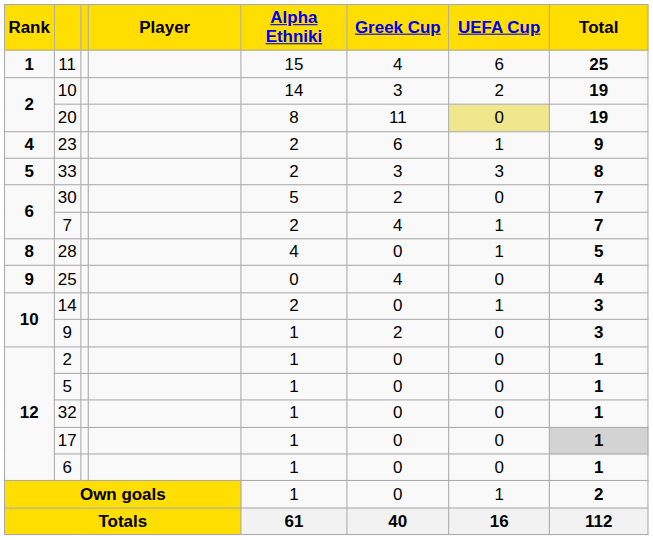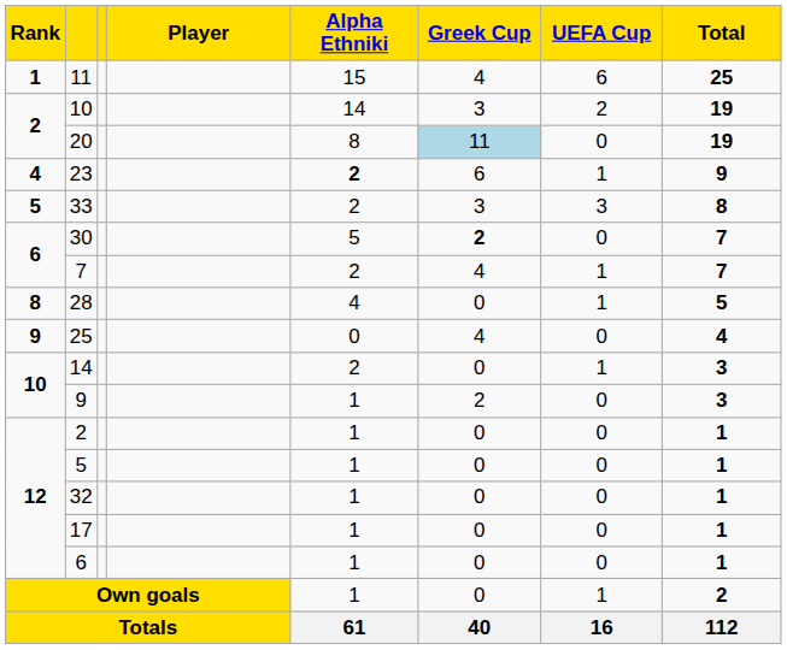 <table class="wikitable sortable" style="text-align: center">
 <tr>
 <th style="background:#FFDE00">Rank</th>
 <th style="background:#FFDE00"></th>
 <th style="background:#FFDE00"></th>
 <th width=200 style="background:#FFDE00">Player</th>
 <th width=120 style="background:#FFDE00"><a href='#'>Alpha Ethniki</a></th>
 <th width=120 style="background:#FFDE00"><a href='#'>Greek Cup</a></th>
 <th width=120 style="background:#FFDE00"><a href='#'>UEFA Cup</a></th>
 <th width=120 style="background:#FFDE00">Total</th>
 </tr>
 <tr>
 <td><strong>1</strong></td>
 <td>11</td>
 <td></td>
 <td align=left></td>
 <td>15</td>
 <td>4</td>
 <td>6</td>
 <td><strong>25</strong></td>
 </tr>
 <tr>
 <td rowspan=2><strong>2</strong></td>
 <td>10</td>
 <td></td>
 <td align=left></td>
 <td>14</td>
 <td>3</td>
 <td>2</td>
 <td><strong>19</strong></td>
 </tr>
 <tr>
 <td>20</td>
 <td></td>
 <td align=left></td>
 <td>8</td>
-<td>11</td>
-<td style="background: khaki;">0</td>
+<td style="background: lightblue;">11</td>
+<td>0</td>
 <td><strong>19</strong></td>
 </tr>
 <tr>
 <td><strong>4</strong></td>
 <td>23</td>
 <td></td>
 <td align=left></td>
-<td>2</td>
+<td><strong>2</strong></td>
 <td>6</td>
 <td>1</td>
 <td><strong>9</strong></td>
 </tr>
 <tr>
 <td><strong>5</strong></td>
 <td>33</td>
 <td></td>
 <td align=left></td>
 <td>2</td>
 <td>3</td>
 <td>3</td>
 <td><strong>8</strong></td>
 </tr>
 <tr>
 <td rowspan=2><strong>6</strong></td>
 <td>30</td>
 <td></td>
 <td align=left></td>
 <td>5</td>
-<td>2</td>
+<td><strong>2</strong></td>
 <td>0</td>
 <td><strong>7</strong></td>
 </tr>
 <tr>
 <td>7</td>
 <td></td>
 <td align=left></td>
 <td>2</td>
 <td>4</td>
 <td>1</td>
 <td><strong>7</strong></td>
 </tr>
 <tr>
 <td><strong>8</strong></td>
 <td>28</td>
 <td></td>
 <td align=left></td>
 <td>4</td>
 <td>0</td>
 <td>1</td>
 <td><strong>5</strong></td>
 </tr>
 <tr>
 <td><strong>9</strong></td>
 <td>25</td>
 <td></td>
 <td align=left></td>
 <td>0</td>
 <td>4</td>
 <td>0</td>
 <td><strong>4</strong></td>
 </tr>
 <tr>
 <td rowspan=2><strong>10</strong></td>
 <td>14</td>
 <td></td>
 <td align=left></td>
 <td>2</td>
 <td>0</td>
 <td>1</td>
 <td><strong>3</strong></td>
 </tr>
 <tr>
 <td>9</td>
 <td></td>
 <td align=left></td>
 <td>1</td>
 <td>2</td>
 <td>0</td>
 <td><strong>3</strong></td>
 </tr>
 <tr>
 <td rowspan=5><strong>12</strong></td>
 <td>2</td>
 <td></td>
 <td align=left></td>
 <td>1</td>
 <td>0</td>
 <td>0</td>
 <td><strong>1</strong></td>
 </tr>
 <tr>
 <td>5</td>
 <td></td>
 <td align=left></td>
 <td>1</td>
 <td>0</td>
 <td>0</td>
 <td><strong>1</strong></td>
 </tr>
 <tr>
 <td>32</td>
 <td></td>
 <td align=left></td>
 <td>1</td>
 <td>0</td>
 <td>0</td>
 <td><strong>1</strong></td>
 </tr>
 <tr>
 <td>17</td>
 <td></td>
 <td align=left></td>
 <td>1</td>
 <td>0</td>
 <td>0</td>
-<td style="background: lightgrey;"><strong>1</strong></td>
+<td><strong>1</strong></td>
 </tr>
 <tr>
 <td>6</td>
 <td></td>
 <td align=left></td>
 <td>1</td>
 <td>0</td>
 <td>0</td>
 <td><strong>1</strong></td>
 </tr>
 <tr class="sortbottom">
 <td colspan=4 style="background:#FFDE00"><strong>Own goals</strong></td>
 <td>1</td>
 <td>0</td>
 <td>1</td>
 <td><strong>2</strong></td>
 </tr>
 <tr class="sortbottom">
 <th colspan=4 style="background:#FFDE00"><strong>Totals</strong></th>
 <th><strong> 61</strong></th>
 <th><strong> 40</strong></th>
 <th><strong> 16</strong></th>
 <th><strong>112</strong></th>
 </tr>
 </table>
